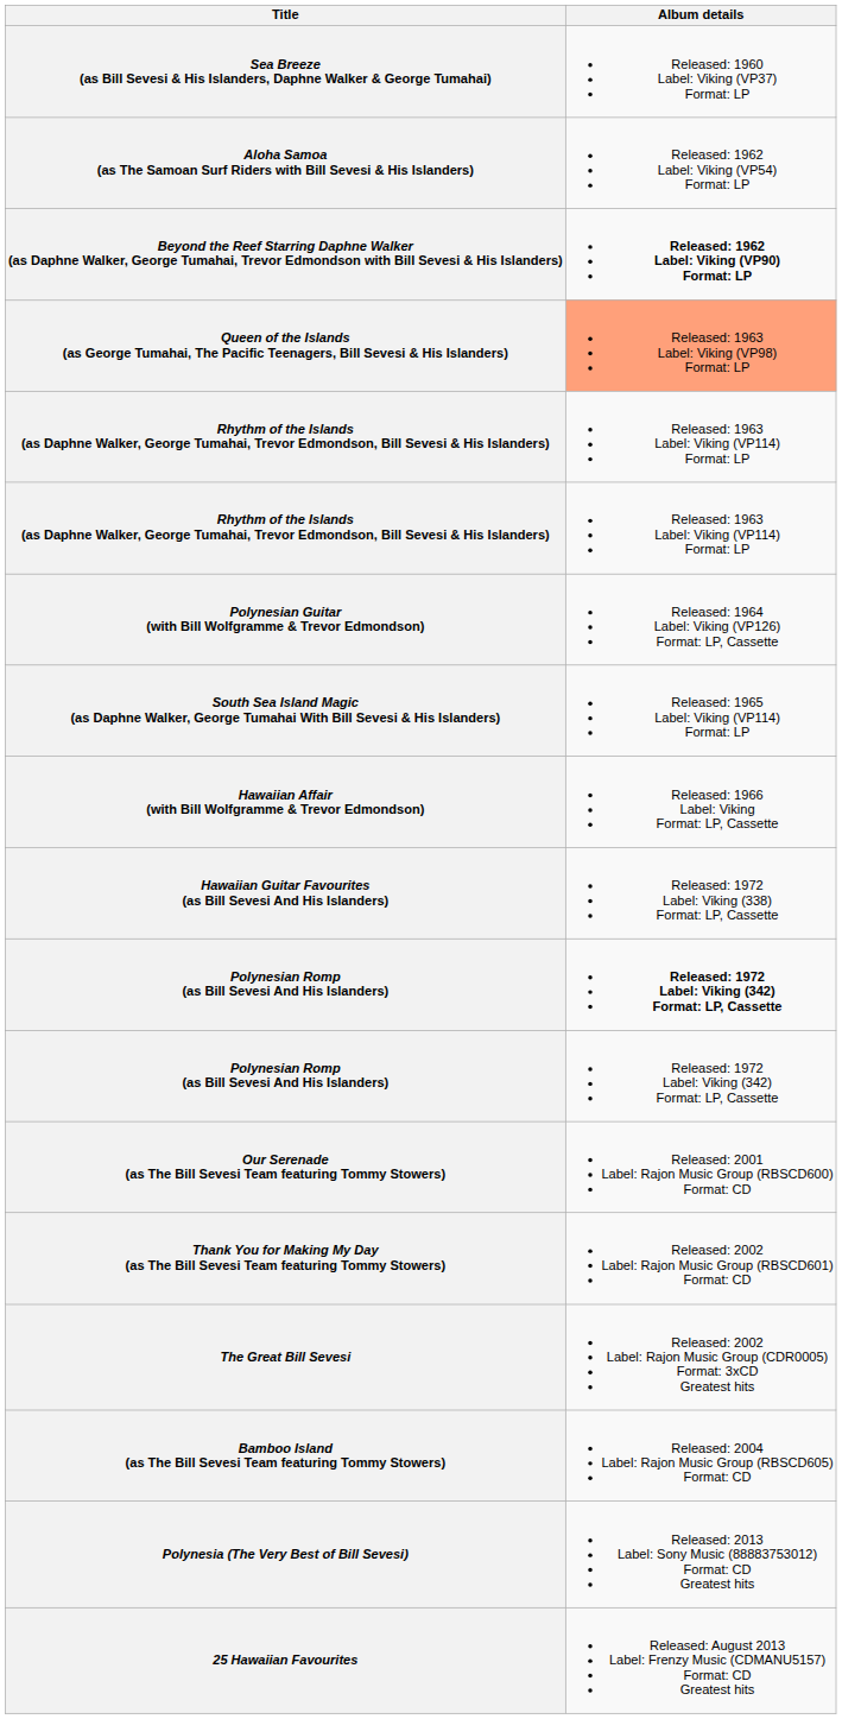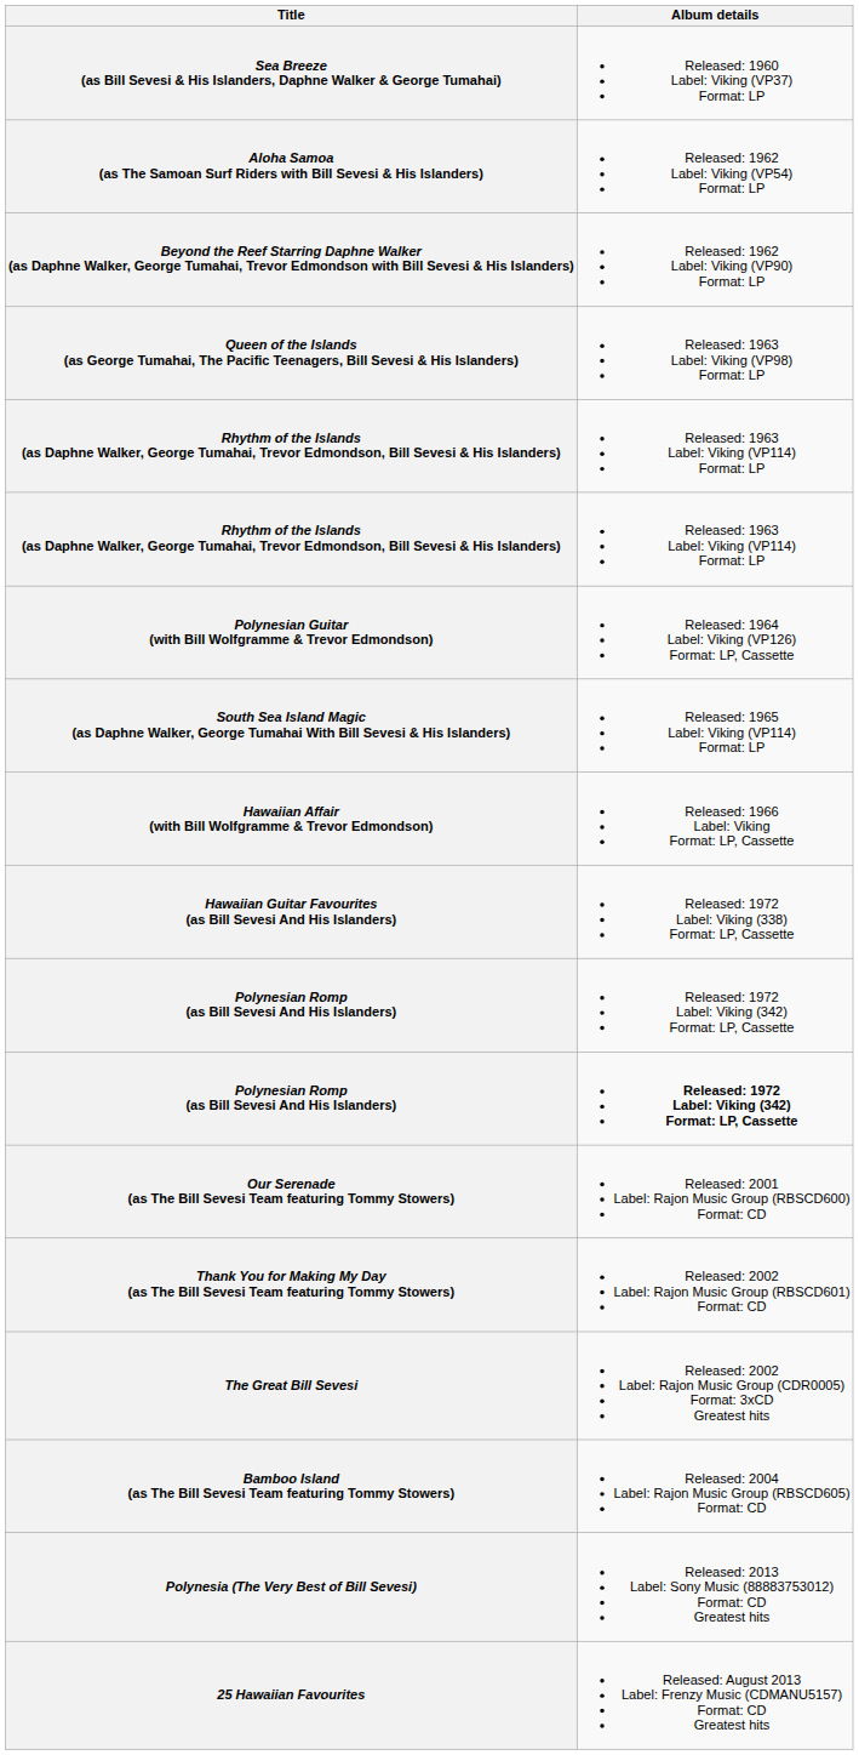 <table class="wikitable plainrowheaders" style="text-align:center;" border="1">
 <tr>
 <th>Title</th>
 <th>Album details</th>
 </tr>
 <tr>
 <th scope="row"><em>Sea Breeze</em> <br> (as Bill Sevesi & His Islanders, Daphne Walker & George Tumahai)</th>
 <td><br><ul><li>Released: 1960</li><li>Label: Viking (VP37)</li><li>Format: LP</li></ul></td>
 </tr>
 <tr>
 <th scope="row"><em>Aloha Samoa</em> <br> (as The Samoan Surf Riders with Bill Sevesi & His Islanders)</th>
 <td><br><ul><li>Released: 1962</li><li>Label: Viking (VP54)</li><li>Format: LP</li></ul></td>
 </tr>
 <tr>
 <th scope="row"><em>Beyond the Reef Starring Daphne Walker</em> <br> (as Daphne Walker, George Tumahai, Trevor Edmondson with Bill Sevesi & His Islanders)</th>
-<td><strong><br><ul><li>Released: 1962</li><li>Label: Viking (VP90)</li><li>Format: LP</li></ul></strong></td>
+<td><br><ul><li>Released: 1962</li><li>Label: Viking (VP90)</li><li>Format: LP</li></ul></td>
 </tr>
 <tr>
 <th scope="row"><em>Queen of the Islands</em> <br> (as George Tumahai, The Pacific Teenagers, Bill Sevesi & His Islanders)</th>
-<td style="background: lightsalmon;"><br><ul><li>Released: 1963</li><li>Label: Viking (VP98)</li><li>Format: LP</li></ul></td>
+<td><br><ul><li>Released: 1963</li><li>Label: Viking (VP98)</li><li>Format: LP</li></ul></td>
 </tr>
 <tr>
 <th scope="row"><em>Rhythm of the Islands</em> <br> (as Daphne Walker, George Tumahai, Trevor Edmondson, Bill Sevesi & His Islanders)</th>
 <td><br><ul><li>Released: 1963</li><li>Label: Viking (VP114)</li><li>Format: LP</li></ul></td>
 </tr>
 <tr>
 <th scope="row"><em>Rhythm of the Islands</em> <br> (as Daphne Walker, George Tumahai, Trevor Edmondson, Bill Sevesi & His Islanders)</th>
 <td><br><ul><li>Released: 1963</li><li>Label: Viking (VP114)</li><li>Format: LP</li></ul></td>
 </tr>
 <tr>
 <th scope="row"><em>Polynesian Guitar</em> <br> (with Bill Wolfgramme & Trevor Edmondson)</th>
 <td><br><ul><li>Released: 1964</li><li>Label: Viking (VP126)</li><li>Format: LP, Cassette</li></ul></td>
 </tr>
 <tr>
 <th scope="row"><em>South Sea Island Magic</em> <br> (as Daphne Walker, George Tumahai With Bill Sevesi & His Islanders)</th>
 <td><br><ul><li>Released: 1965</li><li>Label: Viking (VP114)</li><li>Format: LP</li></ul></td>
 </tr>
 <tr>
 <th scope="row"><em>Hawaiian Affair</em> <br> (with Bill Wolfgramme & Trevor Edmondson)</th>
 <td><br><ul><li>Released: 1966</li><li>Label: Viking</li><li>Format: LP, Cassette</li></ul></td>
 </tr>
 <tr>
 <th scope="row"><em>Hawaiian Guitar Favourites</em> <br> (as Bill Sevesi And His Islanders)</th>
 <td><br><ul><li>Released: 1972</li><li>Label: Viking (338)</li><li>Format: LP, Cassette</li></ul></td>
 </tr>
 <tr>
 <th scope="row"><em>Polynesian Romp</em> <br> (as Bill Sevesi And His Islanders)</th>
-<td><strong><br><ul><li>Released: 1972</li><li>Label: Viking (342)</li><li>Format: LP, Cassette</li></ul></strong></td>
+<td><br><ul><li>Released: 1972</li><li>Label: Viking (342)</li><li>Format: LP, Cassette</li></ul></td>
 </tr>
 <tr>
 <th scope="row"><em>Polynesian Romp</em> <br> (as Bill Sevesi And His Islanders)</th>
-<td><br><ul><li>Released: 1972</li><li>Label: Viking (342)</li><li>Format: LP, Cassette</li></ul></td>
+<td><strong><br><ul><li>Released: 1972</li><li>Label: Viking (342)</li><li>Format: LP, Cassette</li></ul></strong></td>
 </tr>
 <tr>
 <th scope="row"><em>Our Serenade</em> <br> (as The Bill Sevesi Team featuring Tommy Stowers)</th>
 <td><br><ul><li>Released: 2001</li><li>Label: Rajon Music Group (RBSCD600)</li><li>Format: CD</li></ul></td>
 </tr>
 <tr>
 <th scope="row"><em>Thank You for Making My Day</em> <br> (as The Bill Sevesi Team featuring Tommy Stowers)</th>
 <td><br><ul><li>Released: 2002</li><li>Label: Rajon Music Group (RBSCD601)</li><li>Format: CD</li></ul></td>
 </tr>
 <tr>
 <th scope="row"><em>The Great Bill Sevesi</em></th>
 <td><br><ul><li>Released: 2002</li><li>Label: Rajon Music Group (CDR0005)</li><li>Format: 3xCD</li><li>Greatest hits</li></ul></td>
 </tr>
 <tr>
 <th scope="row"><em>Bamboo Island</em> <br> (as The Bill Sevesi Team featuring Tommy Stowers)</th>
 <td><br><ul><li>Released: 2004</li><li>Label: Rajon Music Group (RBSCD605)</li><li>Format: CD</li></ul></td>
 </tr>
 <tr>
 <th scope="row"><em>Polynesia (The Very Best of Bill Sevesi)</em></th>
 <td><br><ul><li>Released: 2013</li><li>Label: Sony Music (88883753012)</li><li>Format: CD</li><li>Greatest hits</li></ul></td>
 </tr>
 <tr>
 <th scope="row"><em>25 Hawaiian Favourites</em></th>
 <td><br><ul><li>Released: August 2013</li><li>Label: Frenzy Music (CDMANU5157)</li><li>Format: CD</li><li>Greatest hits</li></ul></td>
 </tr>
 </table>
